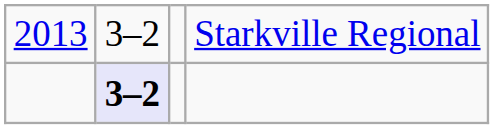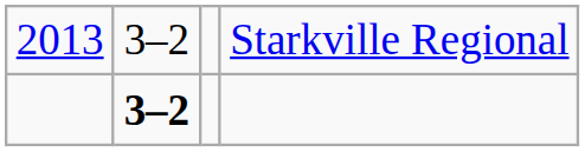 <table class="wikitable">
 <tr>
 <td><a href='#'>2013</a></td>
 <td>3–2</td>
 <td></td>
 <td><a href='#'>Starkville Regional</a></td>
 </tr>
 <tr>
 <td></td>
-<td style="background: lavender;"><strong>3–2</strong></td>
+<td><strong>3–2</strong></td>
 <td><strong></strong></td>
 <td></td>
 </tr>
 </table>
